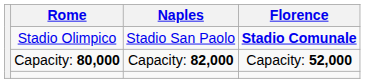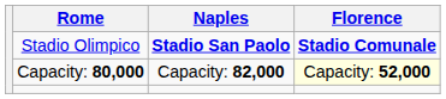 <table class="wikitable" style="text-align:center">
 <tr>
 <th rowspan="4"></th>
 <th><a href='#'>Rome</a></th>
 <th><a href='#'>Naples</a></th>
 <th><a href='#'>Florence</a></th>
 </tr>
 <tr>
 <td><a href='#'>Stadio Olimpico</a></td>
-<td><a href='#'>Stadio San Paolo</a></td>
+<td><strong><a href='#'>Stadio San Paolo</a></strong></td>
 <td><strong><a href='#'>Stadio Comunale</a></strong></td>
 </tr>
 <tr>
 <td>Capacity: <strong>80,000</strong></td>
 <td>Capacity: <strong>82,000</strong></td>
-<td>Capacity: <strong>52,000</strong></td>
+<td style="background: lightyellow;">Capacity: <strong>52,000</strong></td>
 </tr>
 <tr>
 <td></td>
 <td></td>
 <td></td>
 </tr>
 </table>
